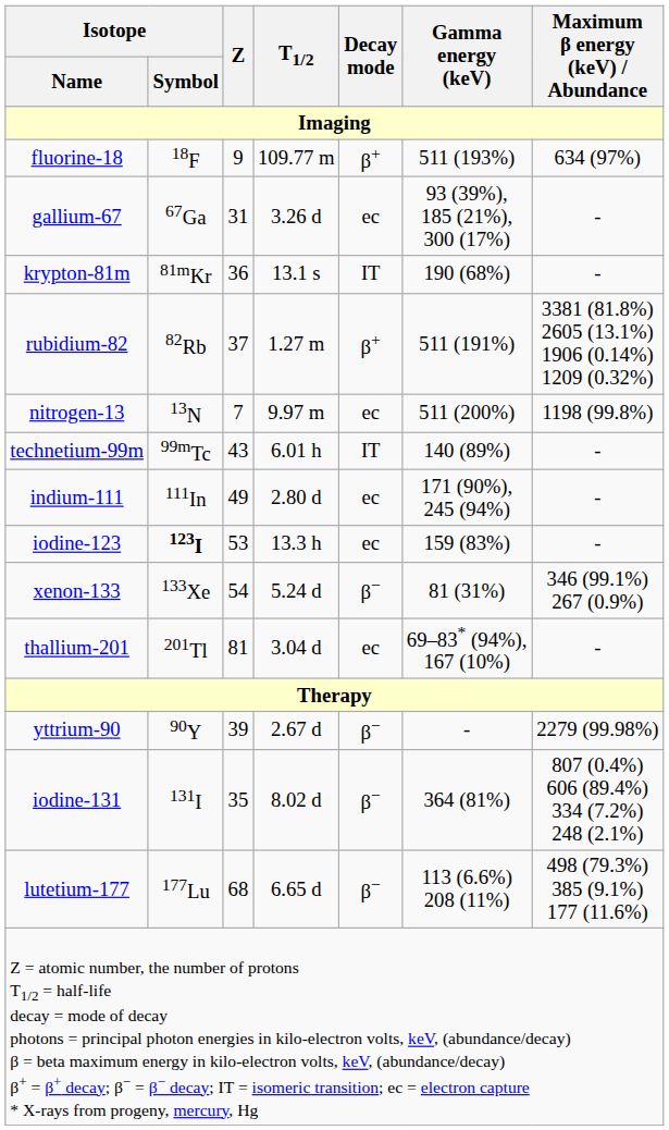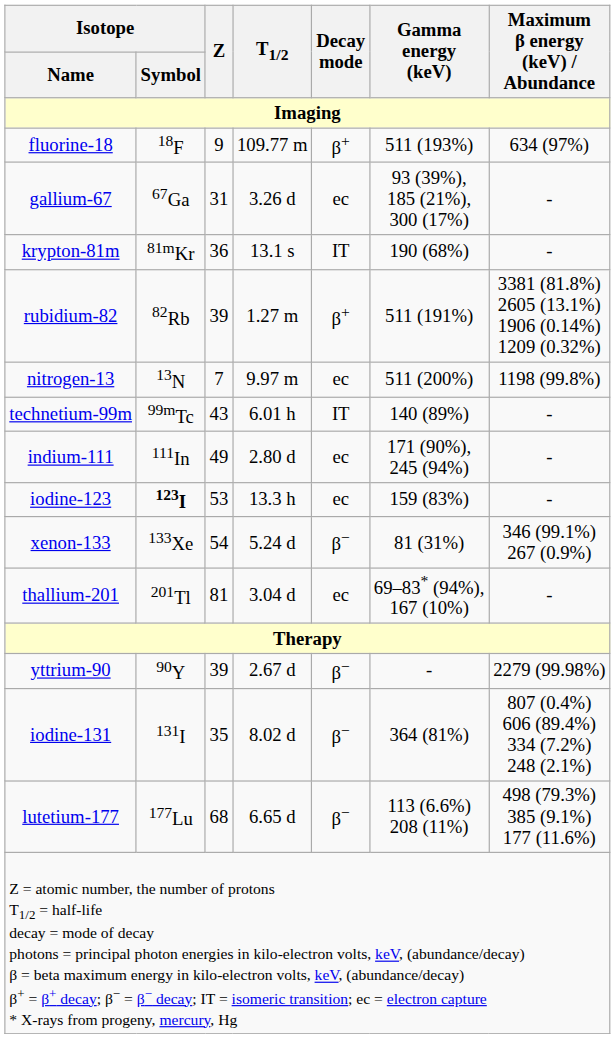 <table class="wikitable"  style="float:right; margin-left:10px; text-align:center;">
 <tr>
 <th colspan=2>Isotope</th>
 <th rowspan=2>Z</th>
 <th rowspan=2>T<sub>1/2</sub></th>
 <th rowspan=2>Decay<br>mode</th>
 <th rowspan=2>Gamma<br>energy<br>(keV)</th>
 <th rowspan=2>Maximum<br>β energy<br>(keV) / <br>Abundance</th>
 </tr>
 <tr>
 <th>Name</th>
 <th>Symbol</th>
 </tr>
 <tr>
 <th colspan="7" style="background:#ffffcc;">Imaging</th>
 </tr>
 <tr>
 <td><a href='#'>fluorine-18</a></td>
 <td><sup>18</sup>F</td>
 <td>9</td>
 <td>109.77 m</td>
 <td>β<sup>+</sup></td>
 <td>511 (193%)</td>
 <td>634 (97%)</td>
 </tr>
 <tr>
 <td><a href='#'>gallium-67</a></td>
 <td><sup>67</sup>Ga</td>
 <td>31</td>
 <td>3.26 d</td>
 <td>ec</td>
 <td>93 (39%),<br>185 (21%),<br>300 (17%)</td>
 <td>-</td>
 </tr>
 <tr>
 <td><a href='#'>krypton-81m</a></td>
 <td><sup>81m</sup>Kr</td>
 <td>36</td>
 <td>13.1 s</td>
 <td>IT</td>
 <td>190 (68%)</td>
 <td>-</td>
 </tr>
 <tr>
 <td><a href='#'>rubidium-82</a></td>
 <td><sup>82</sup>Rb</td>
-<td>37</td>
+<td>39</td>
 <td>1.27 m</td>
 <td>β<sup>+</sup></td>
 <td>511 (191%)</td>
 <td>3381 (81.8%)<br>2605 (13.1%)<br>1906 (0.14%)<br>1209 (0.32%)</td>
 </tr>
 <tr>
 <td><a href='#'>nitrogen-13</a></td>
 <td><sup>13</sup>N</td>
 <td>7</td>
 <td>9.97 m</td>
 <td>ec</td>
 <td>511 (200%)</td>
 <td>1198 (99.8%)</td>
 </tr>
 <tr>
 <td><a href='#'>technetium-99m</a></td>
 <td><sup>99m</sup>Tc</td>
 <td>43</td>
 <td>6.01 h</td>
 <td>IT</td>
 <td>140 (89%)</td>
 <td>-</td>
 </tr>
 <tr>
 <td><a href='#'>indium-111</a></td>
 <td><sup>111</sup>In</td>
 <td>49</td>
 <td>2.80 d</td>
 <td>ec</td>
 <td>171 (90%),<br>245 (94%)</td>
 <td>-</td>
 </tr>
 <tr>
 <td><a href='#'>iodine-123</a></td>
 <td><strong><sup>123</sup>I</strong></td>
 <td>53</td>
 <td>13.3 h</td>
 <td>ec</td>
 <td>159 (83%)</td>
 <td>-</td>
 </tr>
 <tr>
 <td><a href='#'>xenon-133</a></td>
 <td><sup>133</sup>Xe</td>
 <td>54</td>
 <td>5.24 d</td>
 <td>β<sup>−</sup></td>
 <td>81 (31%)</td>
 <td>346 (99.1%)<br>267 (0.9%)</td>
 </tr>
 <tr>
 <td><a href='#'>thallium-201</a></td>
 <td><sup>201</sup>Tl</td>
 <td>81</td>
 <td>3.04 d</td>
 <td>ec</td>
 <td>69–83<sup>*</sup> (94%),<br>167 (10%)</td>
 <td>-</td>
 </tr>
 <tr>
 <th colspan=7 style="background:#ffffcc;">Therapy</th>
 </tr>
 <tr>
 <td><a href='#'>yttrium-90</a></td>
 <td><sup>90</sup>Y</td>
 <td>39</td>
 <td>2.67 d</td>
 <td>β<sup>−</sup></td>
 <td>-</td>
 <td>2279 (99.98%)</td>
 </tr>
 <tr>
 <td><a href='#'>iodine-131</a></td>
 <td><sup>131</sup>I</td>
 <td>35</td>
 <td>8.02 d</td>
 <td>β<sup>−</sup></td>
 <td>364 (81%)</td>
 <td>807 (0.4%)<br>606 (89.4%)<br>334 (7.2%)<br>248 (2.1%)</td>
 </tr>
 <tr>
 <td><a href='#'>lutetium-177</a></td>
 <td><sup>177</sup>Lu</td>
 <td>68</td>
 <td>6.65 d</td>
 <td>β<sup>−</sup></td>
 <td>113 (6.6%)<br>208 (11%)</td>
 <td>498 (79.3%)<br>385 (9.1%)<br>177 (11.6%)</td>
 </tr>
 <tr>
 <td style="text-align:left;" colspan="7"><br><small>Z = atomic number, the number of protons<br>T<sub>1/2</sub> = half-life<br>decay = mode of decay</small><br> <small>photons = principal photon energies in kilo-electron volts, <a href='#'>keV</a>, (abundance/decay)</small><br> <small>β = beta maximum energy in kilo-electron volts, <a href='#'>keV</a>, (abundance/decay)</small><br> <small>β<sup>+</sup> = <a href='#'>β<sup>+</sup> decay</a>; β<sup>−</sup> = <a href='#'>β<sup>−</sup> decay</a>; IT = <a href='#'>isomeric transition</a>; ec = <a href='#'>electron capture</a></small><br> <small>* X-rays from progeny, <a href='#'>mercury</a>, Hg</small></td>
 </tr>
 </table>
